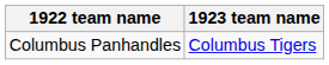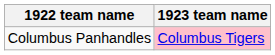 <table class="wikitable">
 <tr>
 <th>1922 team name</th>
 <th>1923 team name</th>
 </tr>
 <tr>
 <td>Columbus Panhandles</td>
-<td><a href='#'>Columbus Tigers</a></td>
+<td style="background: pink;"><a href='#'>Columbus Tigers</a></td>
 </tr>
 </table>
